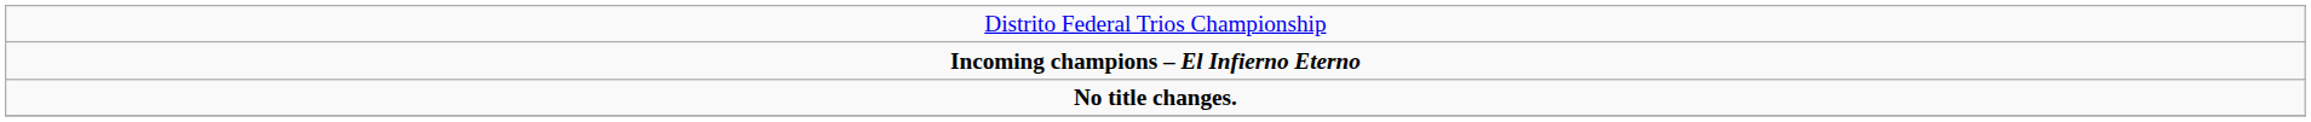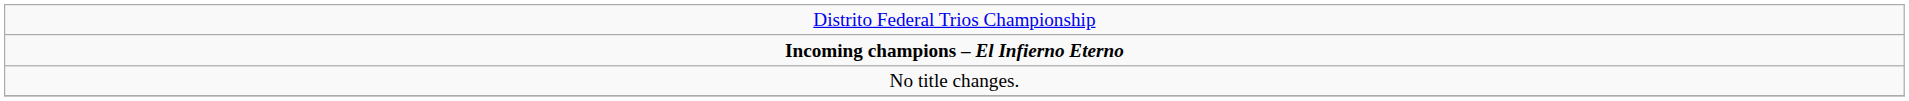 <table class="wikitable" style="text-align:center; width:100%;">
 <tr>
 <td colspan="4" style="text-align: center;"><a href='#'>Distrito Federal Trios Championship</a></td>
 </tr>
 <tr>
 <td colspan="4" style="text-align: center;"><strong>Incoming champions – <em>El Infierno Eterno</em> </strong></td>
 </tr>
 <tr>
-<td><strong>No title changes.</strong></td>
+<td>No title changes.</td>
 </tr>
 <tr>
 </tr>
 </table>
